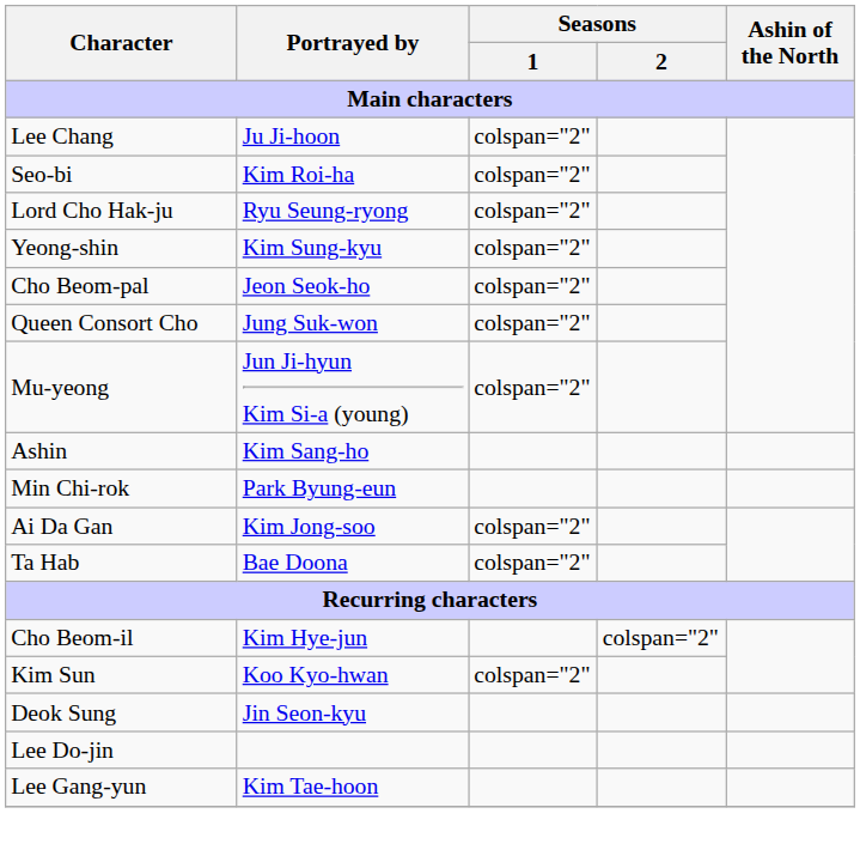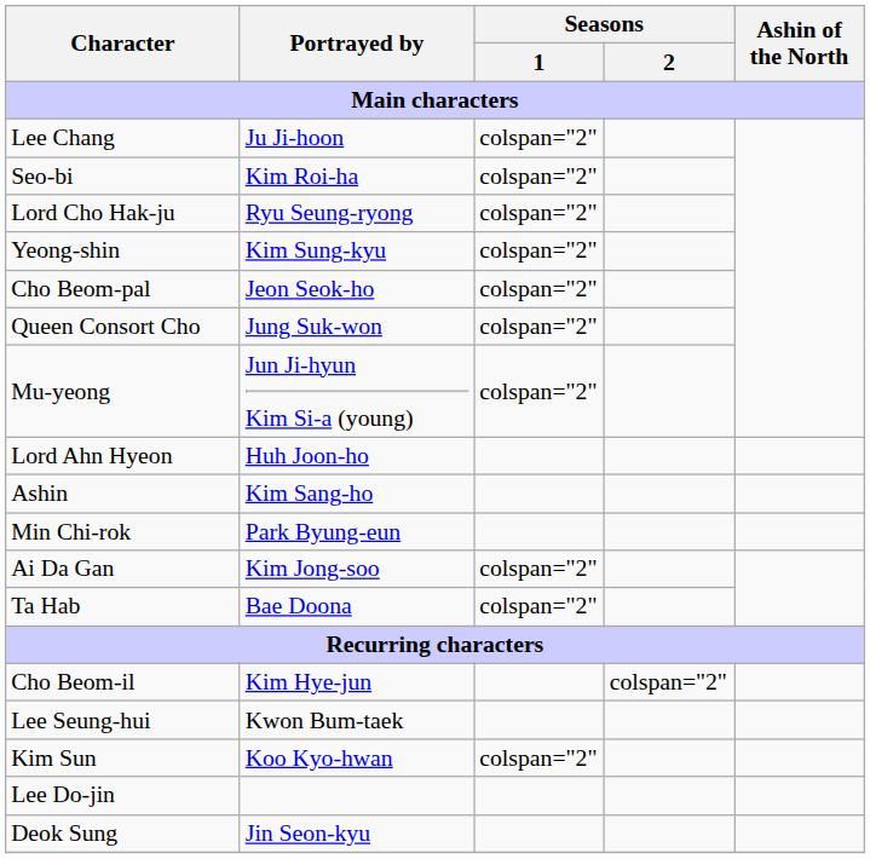 <table class="wikitable">
 <tr>
 <th rowspan="2" style="width:150px;">Character</th>
 <th rowspan="2" style="width:150px;">Portrayed by</th>
 <th colspan="2">Seasons</th>
 <th rowspan="2" style="width:80px;">Ashin of <br>the North</th>
 </tr>
 <tr>
 <th style="width:80px;">1</th>
 <th style="width:80px;">2</th>
 </tr>
 <tr>
 <th colspan="5" style="background-color:#ccccff;">Main characters</th>
 </tr>
 <tr>
 <td>Lee Chang</td>
 <td><a href='#'>Ju Ji-hoon</a></td>
 <td>colspan="2" </td>
 <td></td>
 </tr>
 <tr>
 <td>Seo-bi</td>
 <td><a href='#'>Kim Roi-ha</a></td>
 <td>colspan="2" </td>
 <td></td>
 </tr>
 <tr>
 <td>Lord Cho Hak-ju</td>
 <td><a href='#'>Ryu Seung-ryong</a></td>
 <td>colspan="2" </td>
 <td></td>
 </tr>
 <tr>
 <td>Yeong-shin</td>
 <td><a href='#'>Kim Sung-kyu</a></td>
 <td>colspan="2" </td>
 <td></td>
 </tr>
 <tr>
 <td>Cho Beom-pal</td>
 <td><a href='#'>Jeon Seok-ho</a></td>
 <td>colspan="2" </td>
 <td></td>
 </tr>
 <tr>
 <td>Queen Consort Cho</td>
 <td><a href='#'>Jung Suk-won</a></td>
 <td>colspan="2" </td>
 <td></td>
 </tr>
 <tr>
 <td>Mu-yeong</td>
 <td><a href='#'>Jun Ji-hyun</a><hr><a href='#'>Kim Si-a</a> (young)</td>
 <td>colspan="2" </td>
 <td></td>
 </tr>
 <tr>
+<td>Lord Ahn Hyeon</td>
+<td><a href='#'>Huh Joon-ho</a></td>
+<td></td>
+<td></td>
+<td></td>
+</tr>
+<tr>
 <td>Ashin</td>
 <td><a href='#'>Kim Sang-ho</a></td>
 <td></td>
 <td></td>
 <td></td>
 </tr>
 <tr>
 <td>Min Chi-rok</td>
 <td><a href='#'>Park Byung-eun</a></td>
 <td></td>
 <td></td>
 <td></td>
 </tr>
 <tr>
 <td>Ai Da Gan</td>
 <td><a href='#'>Kim Jong-soo</a></td>
 <td>colspan="2" </td>
 <td></td>
 </tr>
 <tr>
 <td>Ta Hab</td>
 <td><a href='#'>Bae Doona</a></td>
 <td>colspan="2" </td>
 <td></td>
 </tr>
 <tr>
 <th colspan="5" style="background-color:#ccccff;">Recurring characters</th>
 </tr>
 <tr>
 <td>Cho Beom-il</td>
 <td><a href='#'>Kim Hye-jun</a></td>
 <td></td>
 <td>colspan="2" </td>
 </tr>
 <tr>
+<td>Lee Seung-hui</td>
+<td>Kwon Bum-taek</td>
+<td></td>
+<td></td>
+<td></td>
+</tr>
+<tr>
 <td>Kim Sun</td>
 <td><a href='#'>Koo Kyo-hwan</a></td>
 <td>colspan="2" </td>
+<td></td>
+</tr>
+<tr>
+<td>Lee Do-jin</td>
+<td></td>
+<td></td>
+<td></td>
 <td></td>
 </tr>
 <tr>
 <td>Deok Sung</td>
 <td><a href='#'>Jin Seon-kyu</a></td>
 <td></td>
 <td></td>
 <td></td>
 </tr>
 <tr>
-<td>Lee Do-jin</td>
-<td></td>
-<td></td>
-<td></td>
-<td></td>
-</tr>
-<tr>
-<td>Lee Gang-yun</td>
-<td><a href='#'>Kim Tae-hoon</a></td>
-<td></td>
-<td></td>
-<td></td>
-</tr>
-<tr>
 </tr>
 </table>
